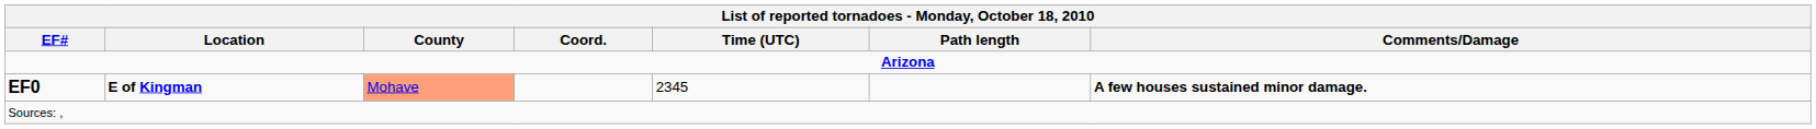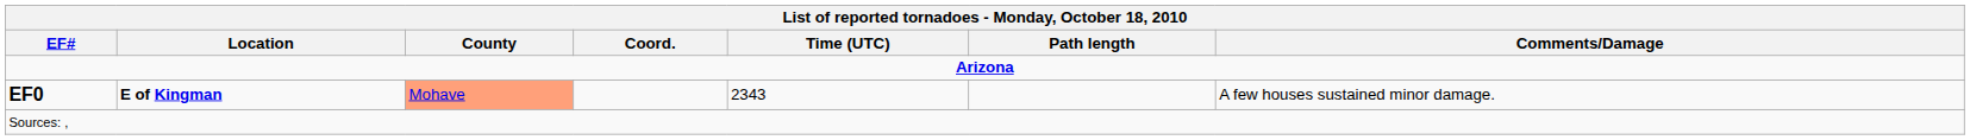 <table class="wikitable collapsible" width="100%">
 <tr>
 <th colspan="7">List of reported tornadoes - Monday, October 18, 2010</th>
 </tr>
 <tr>
 <th><a href='#'>EF#</a></th>
 <th>Location</th>
 <th>County</th>
 <th>Coord.</th>
 <th>Time (UTC)</th>
 <th>Path length</th>
 <th>Comments/Damage</th>
 </tr>
 <tr>
 <td colspan="7" align=center><strong><a href='#'>Arizona</a></strong></td>
 </tr>
 <tr>
 <td><big><strong>EF0</strong></big></td>
 <td><strong>E of <a href='#'>Kingman</a></strong></td>
 <td style="background: lightsalmon;"><a href='#'>Mohave</a></td>
 <td></td>
-<td>2345</td>
+<td>2343</td>
 <td></td>
-<td><strong>A few houses sustained minor damage.</strong></td>
+<td>A few houses sustained minor damage.</td>
 </tr>
 <tr>
 <td colspan="7"><small>Sources: , </small></td>
 </tr>
 </table>
